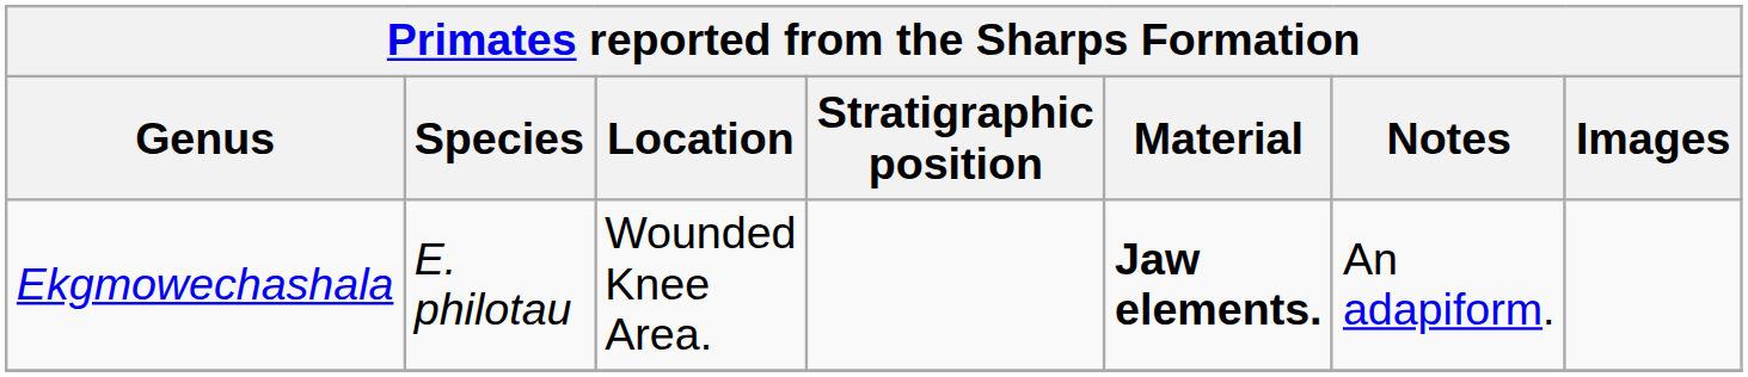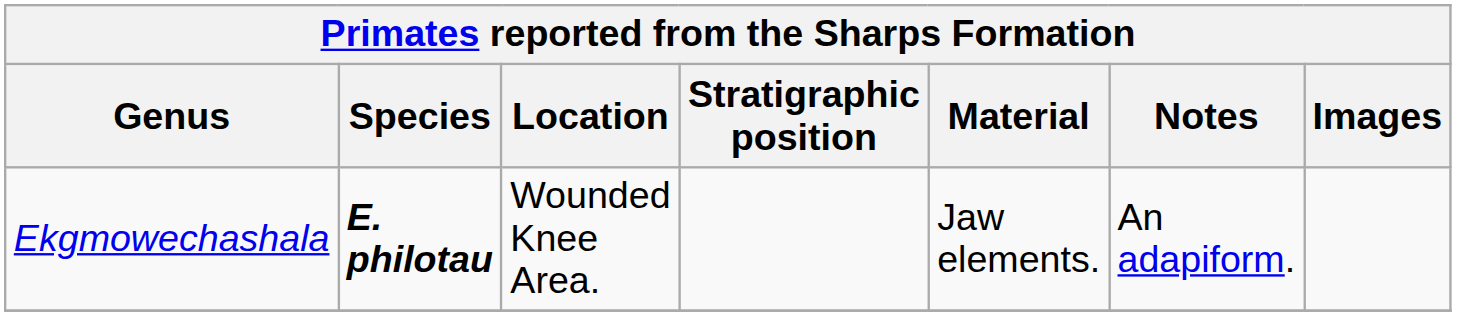 <table class="wikitable" align="center">
 <tr>
 <th colspan="7" align="center"><strong><a href='#'>Primates</a> reported from the Sharps Formation</strong></th>
 </tr>
 <tr>
 <th>Genus</th>
 <th>Species</th>
 <th>Location</th>
 <th><strong>Stratigraphic position</strong></th>
 <th><strong>Material</strong></th>
 <th>Notes</th>
 <th>Images</th>
 </tr>
 <tr>
 <td><em><a href='#'>Ekgmowechashala</a></em></td>
-<td><em>E. philotau</em></td>
+<td><strong><em>E. philotau</em></strong></td>
 <td>Wounded Knee Area.</td>
 <td></td>
-<td><strong>Jaw elements.</strong></td>
+<td>Jaw elements.</td>
 <td>An <a href='#'>adapiform</a>.</td>
 <td></td>
 </tr>
 <tr>
 </tr>
 </table>
